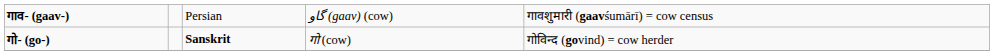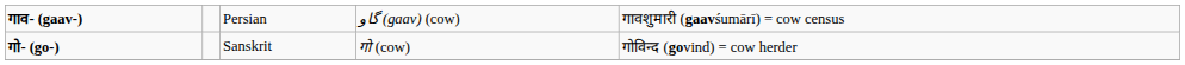 <table class="wikitable sortable" width="100%">
 <tr>
 <td><strong>गाव- (gaav-)</strong></td>
 <td></td>
 <td>Persian</td>
 <td><em>گاو (gaav)</em> (cow)</td>
 <td>गावशुमारी (<strong>gaav</strong>śumārī) = cow census</td>
 </tr>
 <tr>
 <td><strong>गो- (go-)</strong></td>
 <td></td>
-<td><strong>Sanskrit</strong></td>
+<td>Sanskrit</td>
 <td><em>गो</em> (cow)</td>
 <td>गोविन्द (<strong>go</strong>vind) = cow herder</td>
 </tr>
 <tr>
 </tr>
 </table>
